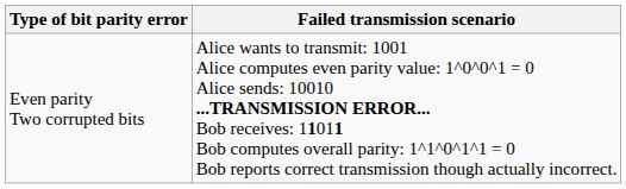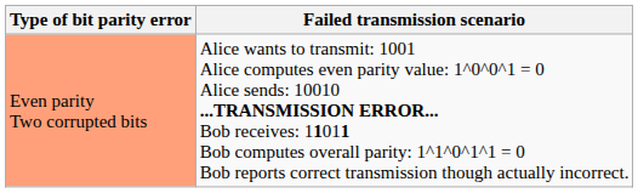 <table class="wikitable">
 <tr>
 <th>Type of bit parity error</th>
 <th>Failed transmission scenario</th>
 </tr>
 <tr>
-<td>Even parity<br>Two corrupted bits</td>
+<td style="background: lightsalmon;">Even parity<br>Two corrupted bits</td>
 <td>Alice wants to transmit:          1001<br>Alice computes even parity value: 1^0^0^1 = 0<br>Alice sends:                      10010<br><strong>...TRANSMISSION ERROR...</strong><br>Bob receives:                   1<strong>1</strong>01<strong>1</strong><br>Bob computes overall parity:    1^1^0^1^1 = 0<br>Bob reports correct transmission though actually incorrect.</td>
 </tr>
 </table>
